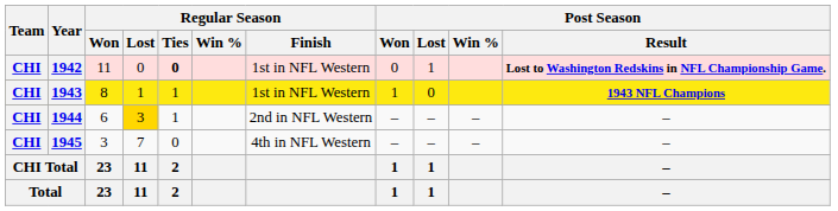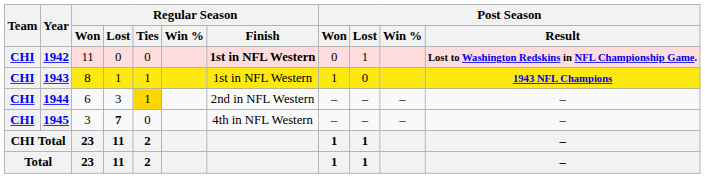 <table class="wikitable" style="font-size: 95%; text-align:center;">
 <tr>
 <th rowspan="2">Team</th>
 <th rowspan="2">Year</th>
 <th colspan="5">Regular Season</th>
 <th colspan="4">Post Season</th>
 </tr>
 <tr>
 <th>Won</th>
 <th>Lost</th>
 <th>Ties</th>
 <th>Win %</th>
 <th>Finish</th>
 <th>Won</th>
 <th>Lost</th>
 <th>Win %</th>
 <th>Result</th>
 </tr>
 <tr ! style="background:#fdd;">
 <th><a href='#'>CHI</a></th>
 <th><a href='#'>1942</a></th>
 <td>11</td>
 <td>0</td>
-<td><strong>0</strong></td>
+<td>0</td>
 <td></td>
-<td>1st in NFL Western</td>
+<td><strong>1st in NFL Western</strong></td>
 <td>0</td>
 <td>1</td>
 <td></td>
 <td><small><strong>Lost to <a href='#'>Washington Redskins</a> in <a href='#'>NFL Championship Game</a>.</strong></small></td>
 </tr>
 <tr ! style="background:#FDE910;">
 <th><a href='#'>CHI</a></th>
 <th><a href='#'>1943</a></th>
 <td>8</td>
 <td>1</td>
 <td>1</td>
 <td></td>
 <td>1st in NFL Western</td>
 <td>1</td>
 <td>0</td>
 <td></td>
 <td><small><strong><a href='#'>1943 NFL Champions</a></strong></small></td>
 </tr>
 <tr>
 <th><a href='#'>CHI</a></th>
 <th><a href='#'>1944</a></th>
 <td>6</td>
-<td style="background: gold;">3</td>
-<td>1</td>
+<td>3</td>
+<td style="background: gold;">1</td>
 <td></td>
 <td>2nd in NFL Western</td>
 <td>–</td>
 <td>–</td>
 <td>–</td>
 <td>–</td>
 </tr>
 <tr>
 <th><a href='#'>CHI</a></th>
 <th><a href='#'>1945</a></th>
 <td>3</td>
-<td>7</td>
+<td><strong>7</strong></td>
 <td>0</td>
 <td></td>
 <td>4th in NFL Western</td>
 <td>–</td>
 <td>–</td>
 <td>–</td>
 <td>–</td>
 </tr>
 <tr>
 <th colspan="2">CHI Total</th>
 <th>23</th>
 <th>11</th>
 <th>2</th>
 <th></th>
 <th></th>
 <th>1</th>
 <th>1</th>
 <th></th>
 <th>–</th>
 </tr>
 <tr>
 <th colspan="2">Total</th>
 <th>23</th>
 <th>11</th>
 <th>2</th>
 <th></th>
 <th></th>
 <th>1</th>
 <th>1</th>
 <th></th>
 <th>–</th>
 </tr>
 </table>
